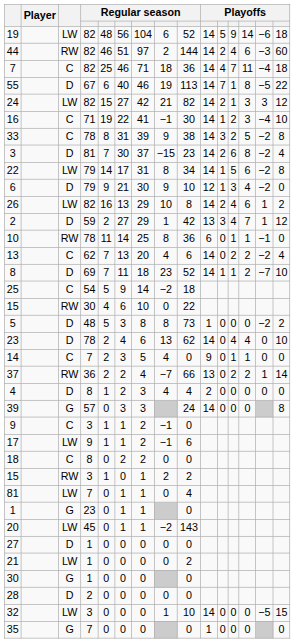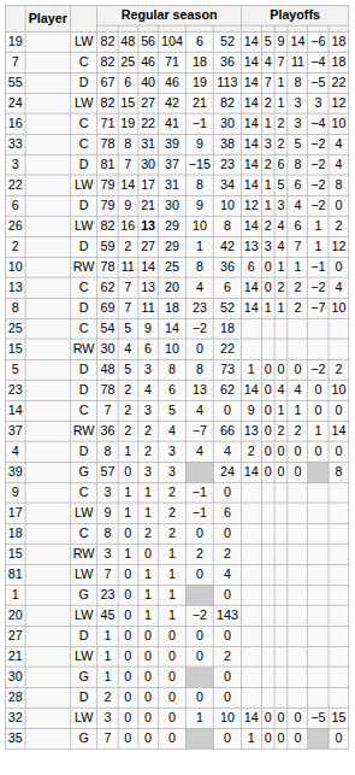 <table class="wikitable sortable plainrowheaders" style="text-align:center;">
 <tr>
 <th scope="col" data-sort-type="number" rowspan="2"></th>
 <th scope="col" rowspan="2">Player</th>
 <th scope="col" rowspan="2"></th>
 <th scope=colgroup colspan=6>Regular season</th>
 <th scope=colgroup colspan=6>Playoffs</th>
 </tr>
 <tr>
 <th scope="col" data-sort-type="number"></th>
 <th scope="col" data-sort-type="number"></th>
 <th scope="col" data-sort-type="number"></th>
 <th scope="col" data-sort-type="number"></th>
 <th scope="col" data-sort-type="number"></th>
 <th scope="col" data-sort-type="number"></th>
 <th scope="col" data-sort-type="number"></th>
 <th scope="col" data-sort-type="number"></th>
 <th scope="col" data-sort-type="number"></th>
 <th scope="col" data-sort-type="number"></th>
 <th scope="col" data-sort-type="number"></th>
 <th scope="col" data-sort-type="number"></th>
 </tr>
 <tr>
 <td scope="row">19</td>
 <td align="left"></td>
 <td>LW</td>
 <td>82</td>
 <td>48</td>
 <td>56</td>
 <td>104</td>
 <td>6</td>
 <td>52</td>
 <td>14</td>
 <td>5</td>
 <td>9</td>
 <td>14</td>
 <td>−6</td>
 <td>18</td>
-</tr>
-<tr>
-<td scope="row">44</td>
-<td align="left"></td>
-<td>RW</td>
-<td>82</td>
-<td>46</td>
-<td>51</td>
-<td>97</td>
-<td>2</td>
-<td>144</td>
-<td>14</td>
-<td>2</td>
-<td>4</td>
-<td>6</td>
-<td>−3</td>
-<td>60</td>
 </tr>
 <tr>
 <td scope="row">7</td>
 <td align="left"></td>
 <td>C</td>
 <td>82</td>
 <td>25</td>
 <td>46</td>
 <td>71</td>
 <td>18</td>
 <td>36</td>
 <td>14</td>
 <td>4</td>
 <td>7</td>
 <td>11</td>
 <td>−4</td>
 <td>18</td>
 </tr>
 <tr>
 <td scope="row">55</td>
 <td align="left"></td>
 <td>D</td>
 <td>67</td>
 <td>6</td>
 <td>40</td>
 <td>46</td>
 <td>19</td>
 <td>113</td>
 <td>14</td>
 <td>7</td>
 <td>1</td>
 <td>8</td>
 <td>−5</td>
 <td>22</td>
 </tr>
 <tr>
 <td scope="row">24</td>
 <td align="left"></td>
 <td>LW</td>
 <td>82</td>
 <td>15</td>
 <td>27</td>
 <td>42</td>
 <td>21</td>
 <td>82</td>
 <td>14</td>
 <td>2</td>
 <td>1</td>
 <td>3</td>
 <td>3</td>
 <td>12</td>
 </tr>
 <tr>
 <td scope="row">16</td>
 <td align="left"></td>
 <td>C</td>
 <td>71</td>
 <td>19</td>
 <td>22</td>
 <td>41</td>
 <td>−1</td>
 <td>30</td>
 <td>14</td>
 <td>1</td>
 <td>2</td>
 <td>3</td>
 <td>−4</td>
 <td>10</td>
 </tr>
 <tr>
 <td scope="row">33</td>
 <td align="left"></td>
 <td>C</td>
 <td>78</td>
 <td>8</td>
 <td>31</td>
 <td>39</td>
 <td>9</td>
 <td>38</td>
 <td>14</td>
 <td>3</td>
 <td>2</td>
 <td>5</td>
 <td>−2</td>
-<td>8</td>
+<td>4</td>
 </tr>
 <tr>
 <td scope="row">3</td>
 <td align="left"></td>
 <td>D</td>
 <td>81</td>
 <td>7</td>
 <td>30</td>
 <td>37</td>
 <td>−15</td>
 <td>23</td>
 <td>14</td>
 <td>2</td>
 <td>6</td>
 <td>8</td>
 <td>−2</td>
 <td>4</td>
 </tr>
 <tr>
 <td scope="row">22</td>
 <td align="left"></td>
 <td>LW</td>
 <td>79</td>
 <td>14</td>
 <td>17</td>
 <td>31</td>
 <td>8</td>
 <td>34</td>
 <td>14</td>
 <td>1</td>
 <td>5</td>
 <td>6</td>
 <td>−2</td>
 <td>8</td>
 </tr>
 <tr>
 <td scope="row">6</td>
 <td align="left"></td>
 <td>D</td>
 <td>79</td>
 <td>9</td>
 <td>21</td>
 <td>30</td>
 <td>9</td>
 <td>10</td>
 <td>12</td>
 <td>1</td>
 <td>3</td>
 <td>4</td>
 <td>−2</td>
 <td>0</td>
 </tr>
 <tr>
 <td scope="row">26</td>
 <td align="left"></td>
 <td>LW</td>
 <td>82</td>
 <td>16</td>
-<td>13</td>
+<td><strong>13</strong></td>
 <td>29</td>
 <td>10</td>
 <td>8</td>
 <td>14</td>
 <td>2</td>
 <td>4</td>
 <td>6</td>
 <td>1</td>
 <td>2</td>
 </tr>
 <tr>
 <td scope="row">2</td>
 <td align="left"></td>
 <td>D</td>
 <td>59</td>
 <td>2</td>
 <td>27</td>
 <td>29</td>
 <td>1</td>
 <td>42</td>
 <td>13</td>
 <td>3</td>
 <td>4</td>
 <td>7</td>
 <td>1</td>
 <td>12</td>
 </tr>
 <tr>
 <td scope="row">10</td>
 <td align="left"></td>
 <td>RW</td>
 <td>78</td>
 <td>11</td>
 <td>14</td>
 <td>25</td>
 <td>8</td>
 <td>36</td>
 <td>6</td>
 <td>0</td>
 <td>1</td>
 <td>1</td>
 <td>−1</td>
 <td>0</td>
 </tr>
 <tr>
 <td scope="row">13</td>
 <td align="left"></td>
 <td>C</td>
 <td>62</td>
 <td>7</td>
 <td>13</td>
 <td>20</td>
 <td>4</td>
 <td>6</td>
 <td>14</td>
 <td>0</td>
 <td>2</td>
 <td>2</td>
 <td>−2</td>
 <td>4</td>
 </tr>
 <tr>
 <td scope="row">8</td>
 <td align="left"></td>
 <td>D</td>
 <td>69</td>
 <td>7</td>
 <td>11</td>
 <td>18</td>
 <td>23</td>
 <td>52</td>
 <td>14</td>
 <td>1</td>
 <td>1</td>
 <td>2</td>
 <td>−7</td>
 <td>10</td>
 </tr>
 <tr>
 <td scope="row">25</td>
 <td align="left"></td>
 <td>C</td>
 <td>54</td>
 <td>5</td>
 <td>9</td>
 <td>14</td>
 <td>−2</td>
 <td>18</td>
 <td></td>
 <td></td>
 <td></td>
 <td></td>
 <td></td>
 <td></td>
 </tr>
 <tr>
 <td scope="row">15</td>
 <td align="left"></td>
 <td>RW</td>
 <td>30</td>
 <td>4</td>
 <td>6</td>
 <td>10</td>
 <td>0</td>
 <td>22</td>
 <td></td>
 <td></td>
 <td></td>
 <td></td>
 <td></td>
 <td></td>
 </tr>
 <tr>
 <td scope="row">5</td>
 <td align="left"></td>
 <td>D</td>
 <td>48</td>
 <td>5</td>
 <td>3</td>
 <td>8</td>
 <td>8</td>
 <td>73</td>
 <td>1</td>
 <td>0</td>
 <td>0</td>
 <td>0</td>
 <td>−2</td>
 <td>2</td>
 </tr>
 <tr>
 <td scope="row">23</td>
 <td align="left"></td>
 <td>D</td>
 <td>78</td>
 <td>2</td>
 <td>4</td>
 <td>6</td>
 <td>13</td>
 <td>62</td>
 <td>14</td>
 <td>0</td>
 <td>4</td>
 <td>4</td>
 <td>0</td>
 <td>10</td>
 </tr>
 <tr>
 <td scope="row">14</td>
 <td align="left"></td>
 <td>C</td>
 <td>7</td>
 <td>2</td>
 <td>3</td>
 <td>5</td>
 <td>4</td>
 <td>0</td>
 <td>9</td>
 <td>0</td>
 <td>1</td>
 <td>1</td>
 <td>0</td>
 <td>0</td>
 </tr>
 <tr>
 <td scope="row">37</td>
 <td align="left"></td>
 <td>RW</td>
 <td>36</td>
 <td>2</td>
 <td>2</td>
 <td>4</td>
 <td>−7</td>
 <td>66</td>
 <td>13</td>
 <td>0</td>
 <td>2</td>
 <td>2</td>
 <td>1</td>
 <td>14</td>
 </tr>
 <tr>
 <td scope="row">4</td>
 <td align="left"></td>
 <td>D</td>
 <td>8</td>
 <td>1</td>
 <td>2</td>
 <td>3</td>
 <td>4</td>
 <td>4</td>
 <td>2</td>
 <td>0</td>
 <td>0</td>
 <td>0</td>
 <td>0</td>
 <td>0</td>
 </tr>
 <tr>
 <td scope="row">39</td>
 <td align="left"></td>
 <td>G</td>
 <td>57</td>
 <td>0</td>
 <td>3</td>
 <td>3</td>
 <td style="background:#ccc"></td>
 <td>24</td>
 <td>14</td>
 <td>0</td>
 <td>0</td>
 <td>0</td>
 <td style="background:#ccc"></td>
 <td>8</td>
 </tr>
 <tr>
 <td scope="row">9</td>
 <td align="left"></td>
 <td>C</td>
 <td>3</td>
 <td>1</td>
 <td>1</td>
 <td>2</td>
 <td>−1</td>
 <td>0</td>
 <td></td>
 <td></td>
 <td></td>
 <td></td>
 <td></td>
 <td></td>
 </tr>
 <tr>
 <td scope="row">17</td>
 <td align="left"></td>
 <td>LW</td>
 <td>9</td>
 <td>1</td>
 <td>1</td>
 <td>2</td>
 <td>−1</td>
 <td>6</td>
 <td></td>
 <td></td>
 <td></td>
 <td></td>
 <td></td>
 <td></td>
 </tr>
 <tr>
 <td scope="row">18</td>
 <td align="left"></td>
 <td>C</td>
 <td>8</td>
 <td>0</td>
 <td>2</td>
 <td>2</td>
 <td>0</td>
 <td>0</td>
 <td></td>
 <td></td>
 <td></td>
 <td></td>
 <td></td>
 <td></td>
 </tr>
 <tr>
 <td scope="row">15</td>
 <td align="left"></td>
 <td>RW</td>
 <td>3</td>
 <td>1</td>
 <td>0</td>
 <td>1</td>
 <td>2</td>
 <td>2</td>
 <td></td>
 <td></td>
 <td></td>
 <td></td>
 <td></td>
 <td></td>
 </tr>
 <tr>
 <td scope="row">81</td>
 <td align="left"></td>
 <td>LW</td>
 <td>7</td>
 <td>0</td>
 <td>1</td>
 <td>1</td>
 <td>0</td>
 <td>4</td>
 <td></td>
 <td></td>
 <td></td>
 <td></td>
 <td></td>
 <td></td>
 </tr>
 <tr>
 <td scope="row">1</td>
 <td align="left"></td>
 <td>G</td>
 <td>23</td>
 <td>0</td>
 <td>1</td>
 <td>1</td>
 <td style="background:#ccc"></td>
 <td>0</td>
 <td></td>
 <td></td>
 <td></td>
 <td></td>
 <td></td>
 <td></td>
 </tr>
 <tr>
 <td scope="row">20</td>
 <td align="left"></td>
 <td>LW</td>
 <td>45</td>
 <td>0</td>
 <td>1</td>
 <td>1</td>
 <td>−2</td>
 <td>143</td>
 <td></td>
 <td></td>
 <td></td>
 <td></td>
 <td></td>
 <td></td>
 </tr>
 <tr>
 <td scope="row">27</td>
 <td align="left"></td>
 <td>D</td>
 <td>1</td>
 <td>0</td>
 <td>0</td>
 <td>0</td>
 <td>0</td>
 <td>0</td>
 <td></td>
 <td></td>
 <td></td>
 <td></td>
 <td></td>
 <td></td>
 </tr>
 <tr>
 <td scope="row">21</td>
 <td align="left"></td>
 <td>LW</td>
 <td>1</td>
 <td>0</td>
 <td>0</td>
 <td>0</td>
 <td>0</td>
 <td>2</td>
 <td></td>
 <td></td>
 <td></td>
 <td></td>
 <td></td>
 <td></td>
 </tr>
 <tr>
 <td scope="row">30</td>
 <td align="left"></td>
 <td>G</td>
 <td>1</td>
 <td>0</td>
 <td>0</td>
 <td>0</td>
 <td style="background:#ccc"></td>
 <td>0</td>
 <td></td>
 <td></td>
 <td></td>
 <td></td>
 <td></td>
 <td></td>
 </tr>
 <tr>
 <td scope="row">28</td>
 <td align="left"></td>
 <td>D</td>
 <td>2</td>
 <td>0</td>
 <td>0</td>
 <td>0</td>
 <td>0</td>
 <td>0</td>
 <td></td>
 <td></td>
 <td></td>
 <td></td>
 <td></td>
 <td></td>
 </tr>
 <tr>
 <td scope="row">32</td>
 <td align="left"></td>
 <td>LW</td>
 <td>3</td>
 <td>0</td>
 <td>0</td>
 <td>0</td>
 <td>1</td>
 <td>10</td>
 <td>14</td>
 <td>0</td>
 <td>0</td>
 <td>0</td>
 <td>−5</td>
 <td>15</td>
 </tr>
 <tr>
 <td scope="row">35</td>
 <td align="left"></td>
 <td>G</td>
 <td>7</td>
 <td>0</td>
 <td>0</td>
 <td>0</td>
 <td style="background:#ccc"></td>
 <td>0</td>
 <td>1</td>
 <td>0</td>
 <td>0</td>
 <td>0</td>
 <td style="background:#ccc"></td>
 <td>0</td>
 </tr>
 </table>
